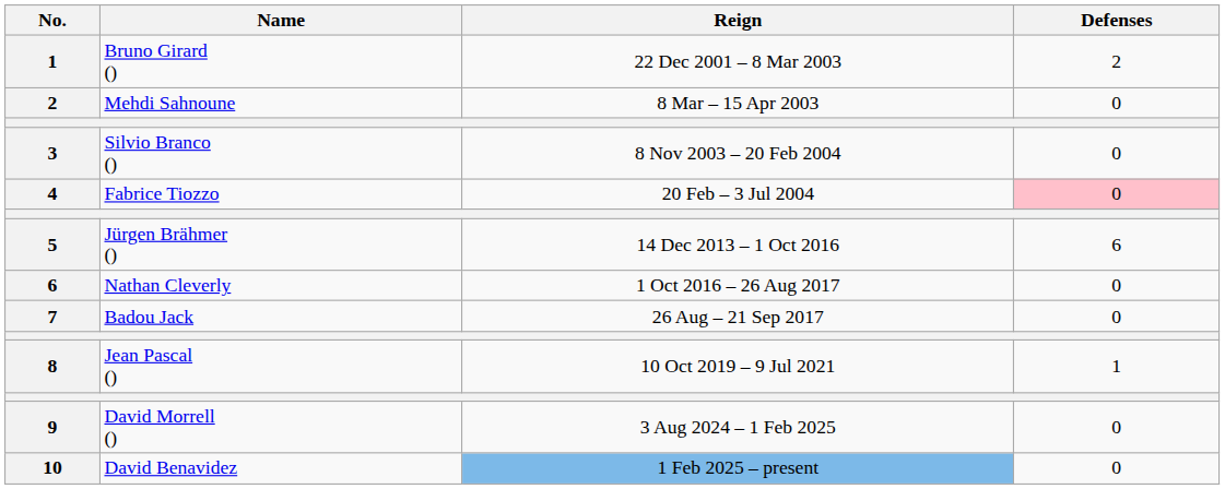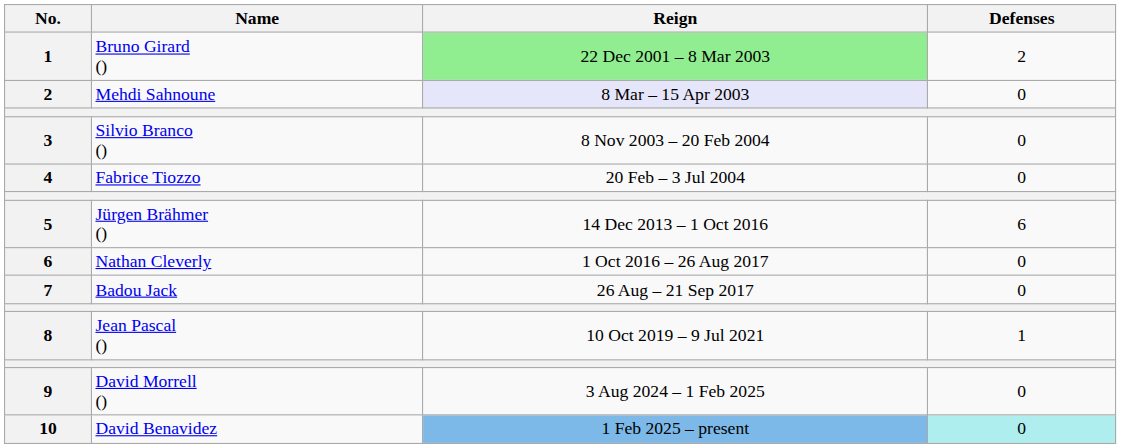 <table class="wikitable sortable" style="width:80%">
 <tr>
 <th>No.</th>
 <th>Name</th>
 <th>Reign</th>
 <th>Defenses</th>
 </tr>
 <tr align=center>
 <th>1</th>
 <td align=left><a href='#'>Bruno Girard</a><br>()</td>
-<td>22 Dec 2001 – 8 Mar 2003</td>
+<td style="background: lightgreen;">22 Dec 2001 – 8 Mar 2003</td>
 <td>2</td>
 </tr>
 <tr align=center>
 <th>2</th>
 <td align=left><a href='#'>Mehdi Sahnoune</a></td>
-<td>8 Mar – 15 Apr 2003</td>
+<td style="background: lavender;">8 Mar – 15 Apr 2003</td>
 <td>0</td>
 </tr>
 <tr align=center>
 <th colspan=4></th>
 </tr>
 <tr align=center>
 <th>3</th>
 <td align=left><a href='#'>Silvio Branco</a><br>()</td>
 <td>8 Nov 2003 – 20 Feb 2004</td>
 <td>0</td>
 </tr>
 <tr align=center>
 <th>4</th>
 <td align=left><a href='#'>Fabrice Tiozzo</a></td>
 <td>20 Feb – 3 Jul 2004</td>
-<td style="background: pink;">0</td>
+<td>0</td>
 </tr>
 <tr align=center>
 <th colspan="4"></th>
 </tr>
 <tr align=center>
 <th>5</th>
 <td align=left><a href='#'>Jürgen Brähmer</a><br>()</td>
 <td>14 Dec 2013 – 1 Oct 2016</td>
 <td>6</td>
 </tr>
 <tr align=center>
 <th>6</th>
 <td align=left><a href='#'>Nathan Cleverly</a></td>
 <td>1 Oct 2016 – 26 Aug 2017</td>
 <td>0</td>
 </tr>
 <tr align=center>
 <th>7</th>
 <td align=left><a href='#'>Badou Jack</a></td>
 <td>26 Aug – 21 Sep 2017</td>
 <td>0</td>
 </tr>
 <tr align=center>
 <th colspan="4"></th>
 </tr>
 <tr align=center>
 <th>8</th>
 <td align=left><a href='#'>Jean Pascal</a><br>()</td>
 <td>10 Oct 2019 – 9 Jul 2021</td>
 <td>1</td>
 </tr>
 <tr>
 <th colspan=4></th>
 </tr>
 <tr align=center>
 <th>9</th>
 <td align=left><a href='#'>David Morrell</a><br>()</td>
 <td>3 Aug 2024 – 1 Feb 2025</td>
 <td>0</td>
 </tr>
 <tr align=center>
 <th>10</th>
 <td align=left><a href='#'>David Benavidez</a></td>
 <td style="background:#7CB9E8;">1 Feb 2025 – present</td>
-<td>0</td>
+<td style="background: paleturquoise;">0</td>
 </tr>
 </table>
